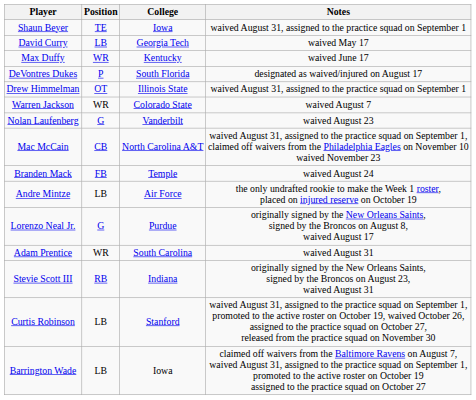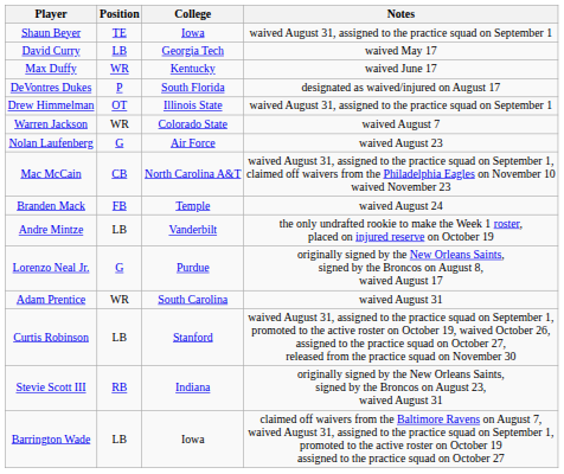 <table class="wikitable" style="text-align:center">
 <tr>
 <th>Player</th>
 <th>Position</th>
 <th>College</th>
 <th>Notes</th>
 </tr>
 <tr>
 <td><a href='#'>Shaun Beyer</a></td>
 <td><a href='#'>TE</a></td>
 <td><a href='#'>Iowa</a></td>
 <td>waived August 31, assigned to the practice squad on September 1</td>
 </tr>
 <tr>
 <td><a href='#'>David Curry</a></td>
 <td><a href='#'>LB</a></td>
 <td><a href='#'>Georgia Tech</a></td>
 <td>waived May 17</td>
 </tr>
 <tr>
 <td><a href='#'>Max Duffy</a></td>
 <td><a href='#'>WR</a></td>
 <td><a href='#'>Kentucky</a></td>
 <td>waived June 17</td>
 </tr>
 <tr>
 <td><a href='#'>DeVontres Dukes</a></td>
 <td><a href='#'>P</a></td>
 <td><a href='#'>South Florida</a></td>
 <td>designated as waived/injured on August 17</td>
 </tr>
 <tr>
 <td><a href='#'>Drew Himmelman</a></td>
 <td><a href='#'>OT</a></td>
 <td><a href='#'>Illinois State</a></td>
 <td>waived August 31, assigned to the practice squad on September 1</td>
 </tr>
 <tr>
 <td><a href='#'>Warren Jackson</a></td>
 <td>WR</td>
 <td><a href='#'>Colorado State</a></td>
 <td>waived August 7</td>
 </tr>
 <tr>
 <td><a href='#'>Nolan Laufenberg</a></td>
 <td><a href='#'>G</a></td>
-<td><a href='#'>Vanderbilt</a></td>
+<td><a href='#'>Air Force</a></td>
 <td>waived August 23</td>
 </tr>
 <tr>
 <td><a href='#'>Mac McCain</a></td>
 <td><a href='#'>CB</a></td>
 <td><a href='#'>North Carolina A&T</a></td>
 <td>waived August 31, assigned to the practice squad on September 1,<br>claimed off waivers from the <a href='#'>Philadelphia Eagles</a> on November 10<br>waived November 23</td>
 </tr>
 <tr>
 <td><a href='#'>Branden Mack</a></td>
 <td><a href='#'>FB</a></td>
 <td><a href='#'>Temple</a></td>
 <td>waived August 24</td>
 </tr>
 <tr>
 <td><a href='#'>Andre Mintze</a></td>
 <td>LB</td>
-<td><a href='#'>Air Force</a></td>
+<td><a href='#'>Vanderbilt</a></td>
 <td>the only undrafted rookie to make the Week 1 <a href='#'>roster</a>,<br>placed on <a href='#'>injured reserve</a> on October 19</td>
 </tr>
 <tr>
 <td><a href='#'>Lorenzo Neal Jr.</a></td>
 <td><a href='#'>G</a></td>
 <td><a href='#'>Purdue</a></td>
 <td>originally signed by the <a href='#'>New Orleans Saints</a>,<br>signed by the Broncos on August 8,<br>waived August 17</td>
 </tr>
 <tr>
 <td><a href='#'>Adam Prentice</a></td>
 <td>WR</td>
 <td><a href='#'>South Carolina</a></td>
 <td>waived August 31</td>
 </tr>
 <tr>
+<td><a href='#'>Curtis Robinson</a></td>
+<td>LB</td>
+<td><a href='#'>Stanford</a></td>
+<td>waived August 31, assigned to the practice squad on September 1,<br>promoted to the active roster on October 19, waived October 26,<br>assigned to the practice squad on October 27,<br>released from the practice squad on November 30</td>
+</tr>
+<tr>
 <td><a href='#'>Stevie Scott III</a></td>
 <td><a href='#'>RB</a></td>
 <td><a href='#'>Indiana</a></td>
 <td>originally signed by the New Orleans Saints,<br>signed by the Broncos on August 23,<br>waived August 31</td>
-</tr>
-<tr>
-<td><a href='#'>Curtis Robinson</a></td>
-<td>LB</td>
-<td><a href='#'>Stanford</a></td>
-<td>waived August 31, assigned to the practice squad on September 1,<br>promoted to the active roster on October 19, waived October 26,<br>assigned to the practice squad on October 27,<br>released from the practice squad on November 30</td>
 </tr>
 <tr>
 <td><a href='#'>Barrington Wade</a></td>
 <td>LB</td>
 <td>Iowa</td>
 <td>claimed off waivers from the <a href='#'>Baltimore Ravens</a> on August 7,<br>waived August 31, assigned to the practice squad on September 1,<br>promoted to the active roster on October 19<br>assigned to the practice squad on October 27</td>
 </tr>
 </table>
